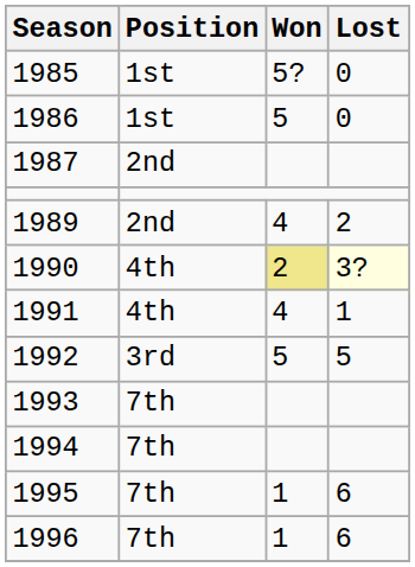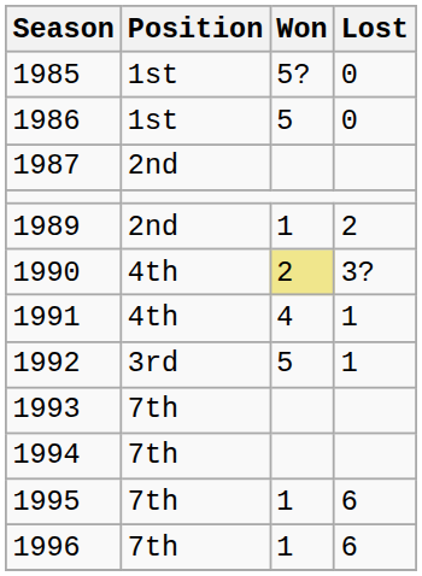 <table class="wikitable collapsible">
 <tr>
 <th>Season</th>
 <th>Position</th>
 <th>Won</th>
 <th>Lost</th>
 </tr>
 <tr style="background-color:#">
 <td>1985 </td>
 <td>1st</td>
 <td>5?</td>
 <td>0</td>
 </tr>
 <tr style="background-color:#">
 <td>1986 </td>
 <td>1st</td>
 <td>5</td>
 <td>0</td>
 </tr>
 <tr style="background-color:#">
 <td>1987 </td>
 <td>2nd</td>
 <td></td>
 <td></td>
 </tr>
 <tr>
 <td></td>
 </tr>
 <tr style="background-color:#">
 <td>1989 </td>
 <td>2nd</td>
-<td>4</td>
+<td>1</td>
 <td>2</td>
 </tr>
 <tr>
 <td>1990</td>
 <td>4th</td>
 <td style="background: khaki;">2</td>
-<td style="background: lightyellow;">3?</td>
+<td>3?</td>
 </tr>
 <tr>
 <td>1991 </td>
 <td>4th</td>
 <td>4</td>
 <td>1</td>
 </tr>
 <tr>
 <td>1992 </td>
 <td>3rd</td>
 <td>5</td>
-<td>5</td>
+<td>1</td>
 </tr>
 <tr>
 <td>1993 </td>
 <td>7th</td>
 <td></td>
 <td></td>
 </tr>
 <tr>
 <td>1994 </td>
 <td>7th</td>
 <td></td>
 <td></td>
 </tr>
 <tr>
 <td>1995</td>
 <td>7th</td>
 <td>1</td>
 <td>6</td>
 </tr>
 <tr>
 <td>1996 </td>
 <td>7th</td>
 <td>1</td>
 <td>6</td>
 </tr>
 <tr>
 </tr>
 </table>
